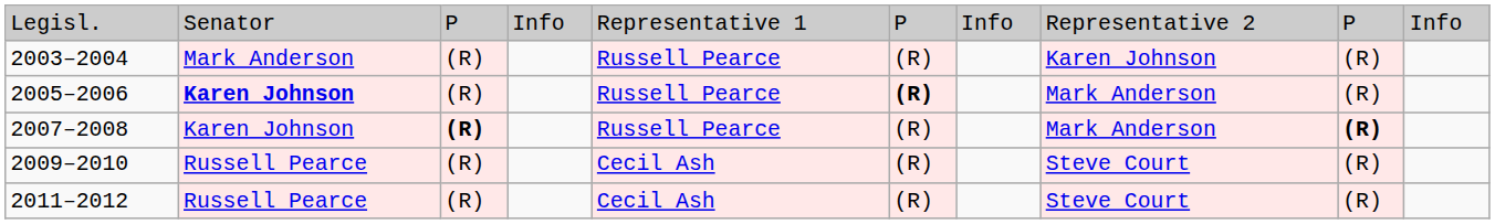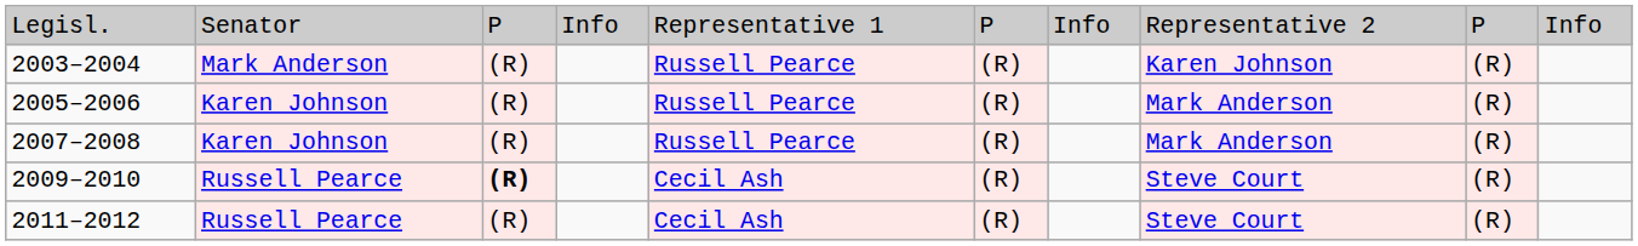 <table class=wikitable width="100%" border="1">
 <tr style="background-color:#cccccc;">
 <td>Legisl.</td>
 <td>Senator</td>
 <td>P</td>
 <td>Info</td>
 <td>Representative 1</td>
 <td>P</td>
 <td>Info</td>
 <td>Representative 2</td>
 <td>P</td>
 <td>Info</td>
 </tr>
 <tr>
 <td>2003–2004</td>
 <td style="background:#FFE8E8"><a href='#'>Mark Anderson</a></td>
 <td style="background:#FFE8E8">(R)</td>
 <td></td>
 <td style="background:#FFE8E8"><a href='#'>Russell Pearce</a></td>
 <td style="background:#FFE8E8">(R)</td>
 <td></td>
 <td style="background:#FFE8E8"><a href='#'>Karen Johnson</a></td>
 <td style="background:#FFE8E8">(R)</td>
 <td></td>
 </tr>
 <tr>
 <td>2005–2006</td>
-<td style="background:#FFE8E8"><strong><a href='#'>Karen Johnson</a></strong></td>
+<td style="background:#FFE8E8"><a href='#'>Karen Johnson</a></td>
 <td style="background:#FFE8E8">(R)</td>
 <td></td>
 <td style="background:#FFE8E8"><a href='#'>Russell Pearce</a></td>
-<td style="background:#FFE8E8"><strong>(R)</strong></td>
+<td style="background:#FFE8E8">(R)</td>
 <td></td>
 <td style="background:#FFE8E8"><a href='#'>Mark Anderson</a></td>
 <td style="background:#FFE8E8">(R)</td>
 <td></td>
 </tr>
 <tr>
 <td>2007–2008</td>
 <td style="background:#FFE8E8"><a href='#'>Karen Johnson</a></td>
-<td style="background:#FFE8E8"><strong>(R)</strong></td>
+<td style="background:#FFE8E8">(R)</td>
 <td></td>
 <td style="background:#FFE8E8"><a href='#'>Russell Pearce</a></td>
 <td style="background:#FFE8E8">(R)</td>
 <td></td>
 <td style="background:#FFE8E8"><a href='#'>Mark Anderson</a></td>
-<td style="background:#FFE8E8"><strong>(R)</strong></td>
+<td style="background:#FFE8E8">(R)</td>
 <td></td>
 </tr>
 <tr>
 <td>2009–2010</td>
 <td style="background:#FFE8E8"><a href='#'>Russell Pearce</a></td>
-<td style="background:#FFE8E8">(R)</td>
+<td style="background:#FFE8E8"><strong>(R)</strong></td>
 <td></td>
 <td style="background:#FFE8E8"><a href='#'>Cecil Ash</a></td>
 <td style="background:#FFE8E8">(R)</td>
 <td></td>
 <td style="background:#FFE8E8"><a href='#'>Steve Court</a></td>
 <td style="background:#FFE8E8">(R)</td>
 <td></td>
 </tr>
 <tr>
 <td>2011–2012</td>
 <td style="background:#FFE8E8"><a href='#'>Russell Pearce</a></td>
 <td style="background:#FFE8E8">(R)</td>
 <td></td>
 <td style="background:#FFE8E8"><a href='#'>Cecil Ash</a></td>
 <td style="background:#FFE8E8">(R)</td>
 <td></td>
 <td style="background:#FFE8E8"><a href='#'>Steve Court</a></td>
 <td style="background:#FFE8E8">(R)</td>
 <td></td>
 </tr>
 </table>
